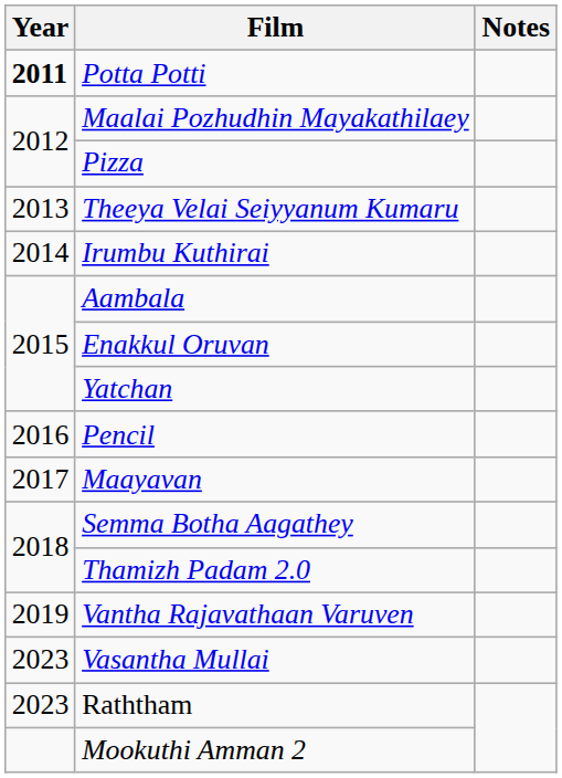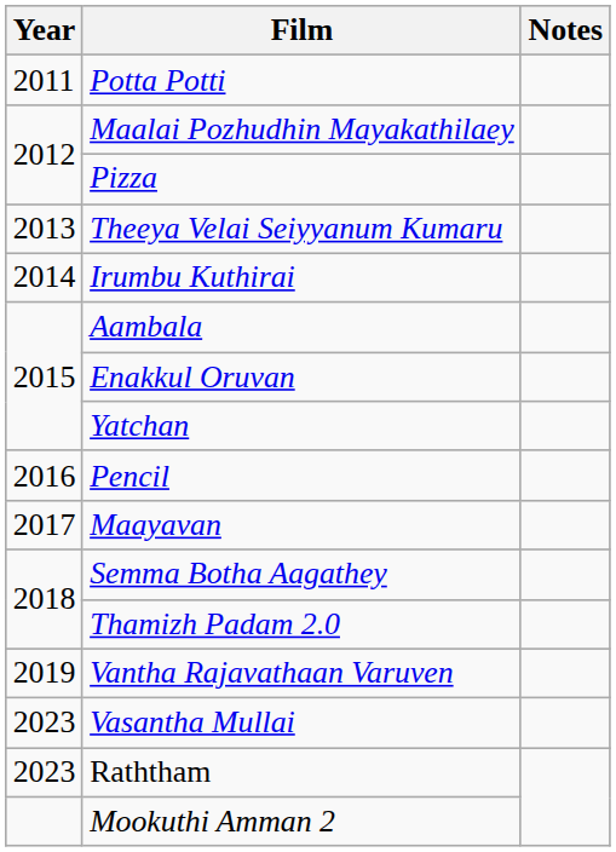 <table class="wikitable sortable">
 <tr>
 <th>Year</th>
 <th>Film</th>
 <th>Notes</th>
 </tr>
 <tr>
-<td><strong>2011</strong></td>
+<td>2011</td>
 <td><em><a href='#'>Potta Potti</a></em></td>
 <td></td>
 </tr>
 <tr>
 <td rowspan="2">2012</td>
 <td><em><a href='#'>Maalai Pozhudhin Mayakathilaey</a></em></td>
 <td></td>
 </tr>
 <tr>
 <td><em><a href='#'>Pizza</a></em></td>
 <td></td>
 </tr>
 <tr>
 <td>2013</td>
 <td><em><a href='#'>Theeya Velai Seiyyanum Kumaru</a></em></td>
 <td></td>
 </tr>
 <tr>
 <td>2014</td>
 <td><em><a href='#'>Irumbu Kuthirai</a></em></td>
 <td></td>
 </tr>
 <tr>
 <td rowspan="3">2015</td>
 <td><em><a href='#'>Aambala</a></em></td>
 <td></td>
 </tr>
 <tr>
 <td><em><a href='#'>Enakkul Oruvan</a></em></td>
 <td></td>
 </tr>
 <tr>
 <td><em><a href='#'>Yatchan</a></em></td>
 <td></td>
 </tr>
 <tr>
 <td>2016</td>
 <td><em><a href='#'>Pencil</a></em></td>
 <td></td>
 </tr>
 <tr>
 <td>2017</td>
 <td><em><a href='#'>Maayavan</a></em></td>
 <td></td>
 </tr>
 <tr>
 <td rowspan="2">2018</td>
 <td><em><a href='#'>Semma Botha Aagathey</a></em></td>
 <td></td>
 </tr>
 <tr>
 <td><em><a href='#'>Thamizh Padam 2.0</a></em></td>
 <td></td>
 </tr>
 <tr>
 <td>2019</td>
 <td><em><a href='#'>Vantha Rajavathaan Varuven</a></em></td>
 <td></td>
 </tr>
 <tr>
 <td>2023</td>
 <td><em><a href='#'>Vasantha Mullai</a></em></td>
 <td></td>
 </tr>
 <tr>
 <td>2023</td>
 <td>Raththam</td>
 </tr>
 <tr>
 <td></td>
 <td><em>Mookuthi Amman 2</em></td>
 </tr>
 </table>
